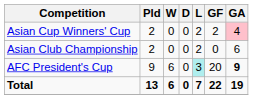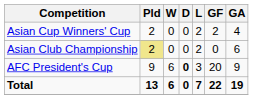 <table class="wikitable">
 <tr>
 <th>Competition</th>
 <th>Pld</th>
 <th>W</th>
 <th>D</th>
 <th>L</th>
 <th>GF</th>
 <th>GA</th>
 </tr>
 <tr>
 <td><a href='#'>Asian Cup Winners' Cup</a></td>
 <td style="text-align:center;">2</td>
 <td style="text-align:center;">0</td>
 <td style="text-align:center;">0</td>
 <td style="text-align:center;">2</td>
 <td style="text-align:center;">2</td>
-<td style="background: pink; text-align:center;">4</td>
+<td style="text-align:center;">4</td>
 </tr>
 <tr>
 <td><a href='#'>Asian Club Championship</a></td>
-<td style="text-align:center;">2</td>
+<td style="background: khaki; text-align:center;">2</td>
 <td style="text-align:center;">0</td>
 <td style="text-align:center;">0</td>
 <td style="text-align:center;">2</td>
 <td style="text-align:center;">0</td>
 <td style="text-align:center;">6</td>
 </tr>
 <tr>
 <td><a href='#'>AFC President's Cup</a></td>
 <td style="text-align:center;">9</td>
 <td style="text-align:center;">6</td>
-<td style="text-align:center;">0</td>
-<td style="background: paleturquoise; text-align:center;">3</td>
+<td style="text-align:center;"><strong>0</strong></td>
+<td style="text-align:center;">3</td>
 <td style="text-align:center;">20</td>
-<td style="text-align:center;"><strong>9</strong></td>
+<td style="text-align:center;">9</td>
 </tr>
 <tr>
 <td><strong>Total</strong></td>
 <td style="text-align:center;"><strong>13</strong></td>
 <td style="text-align:center;"><strong>6</strong></td>
 <td style="text-align:center;"><strong>0</strong></td>
 <td style="text-align:center;"><strong>7</strong></td>
 <td style="text-align:center;"><strong>22</strong></td>
 <td style="text-align:center;"><strong>19</strong></td>
 </tr>
 <tr>
 </tr>
 </table>
